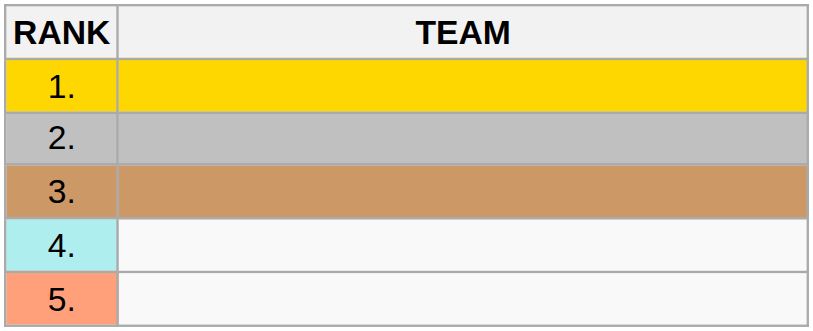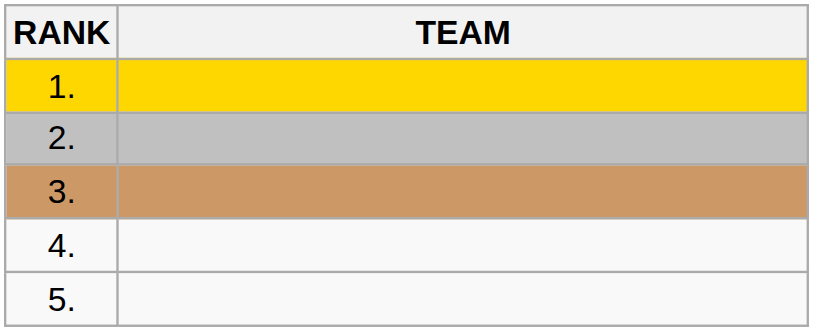 <table class="wikitable" style="border-collapse: collapse; font-size: 90%;">
 <tr>
 <th>RANK</th>
 <th align="center" style="width: 20em">TEAM</th>
 </tr>
 <tr bgcolor=gold>
 <td align="center">1.</td>
 <td> </td>
 </tr>
 <tr bgcolor=silver>
 <td align="center">2.</td>
 <td></td>
 </tr>
 <tr bgcolor=#cc9966>
 <td align="center">3.</td>
 <td></td>
 </tr>
 <tr>
-<td align="center" style="background: paleturquoise;">4.</td>
+<td align="center">4.</td>
 <td></td>
 </tr>
 <tr>
-<td align="center" style="background: lightsalmon;">5.</td>
+<td align="center">5.</td>
 <td></td>
 </tr>
 </table>
